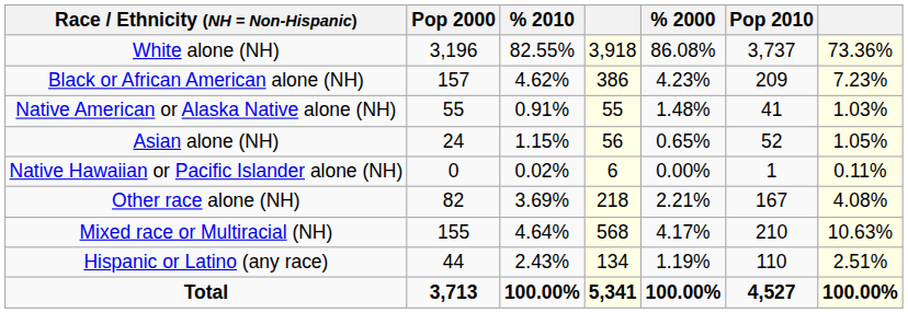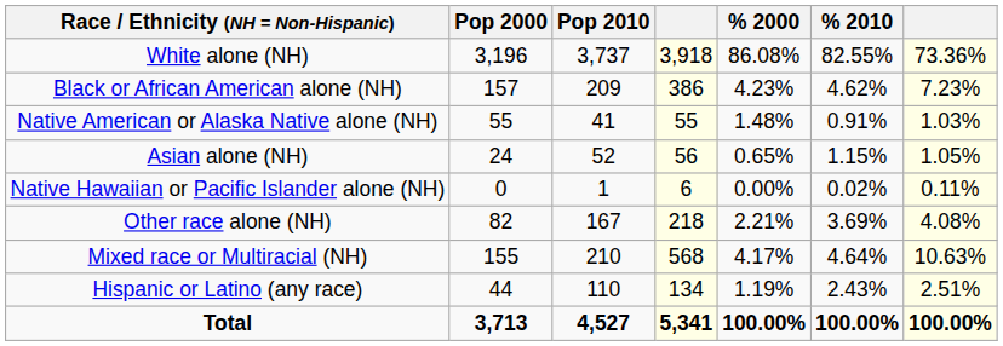 <table class="wikitable" style="text-align:center;">
 <tr>
 <th>Race / Ethnicity <small>(<em>NH = Non-Hispanic</em>)</small></th>
 <th>Pop 2000</th>
-<th>% 2010</th>
+<th>Pop 2010</th>
 <th></th>
 <th>% 2000</th>
-<th>Pop 2010</th>
+<th>% 2010</th>
 <th></th>
 </tr>
 <tr>
 <td><a href='#'>White</a> alone (NH)</td>
 <td>3,196</td>
-<td>82.55%</td>
+<td>3,737</td>
 <td style='background: #ffffe6;'>3,918</td>
 <td>86.08%</td>
-<td>3,737</td>
+<td>82.55%</td>
 <td style='background: #ffffe6;'>73.36%</td>
 </tr>
 <tr>
 <td><a href='#'>Black or African American</a> alone (NH)</td>
 <td>157</td>
-<td>4.62%</td>
+<td>209</td>
 <td style='background: #ffffe6;'>386</td>
 <td>4.23%</td>
-<td>209</td>
+<td>4.62%</td>
 <td style='background: #ffffe6;'>7.23%</td>
 </tr>
 <tr>
 <td><a href='#'>Native American</a> or <a href='#'>Alaska Native</a> alone (NH)</td>
 <td>55</td>
-<td>0.91%</td>
+<td>41</td>
 <td style='background: #ffffe6;'>55</td>
 <td>1.48%</td>
-<td>41</td>
+<td>0.91%</td>
 <td style='background: #ffffe6;'>1.03%</td>
 </tr>
 <tr>
 <td><a href='#'>Asian</a> alone (NH)</td>
 <td>24</td>
-<td>1.15%</td>
+<td>52</td>
 <td style='background: #ffffe6;'>56</td>
 <td>0.65%</td>
-<td>52</td>
+<td>1.15%</td>
 <td style='background: #ffffe6;'>1.05%</td>
 </tr>
 <tr>
 <td><a href='#'>Native Hawaiian</a> or <a href='#'>Pacific Islander</a> alone (NH)</td>
 <td>0</td>
-<td>0.02%</td>
+<td>1</td>
 <td style='background: #ffffe6;'>6</td>
 <td>0.00%</td>
-<td>1</td>
+<td>0.02%</td>
 <td style='background: #ffffe6;'>0.11%</td>
 </tr>
 <tr>
 <td><a href='#'>Other race</a> alone (NH)</td>
 <td>82</td>
-<td>3.69%</td>
+<td>167</td>
 <td style='background: #ffffe6;'>218</td>
 <td>2.21%</td>
-<td>167</td>
+<td>3.69%</td>
 <td style='background: #ffffe6;'>4.08%</td>
 </tr>
 <tr>
 <td><a href='#'>Mixed race or Multiracial</a> (NH)</td>
 <td>155</td>
-<td>4.64%</td>
+<td>210</td>
 <td style='background: #ffffe6;'>568</td>
 <td>4.17%</td>
-<td>210</td>
+<td>4.64%</td>
 <td style='background: #ffffe6;'>10.63%</td>
 </tr>
 <tr>
 <td><a href='#'>Hispanic or Latino</a> (any race)</td>
 <td>44</td>
-<td>2.43%</td>
+<td>110</td>
 <td style='background: #ffffe6;'>134</td>
 <td>1.19%</td>
-<td>110</td>
+<td>2.43%</td>
 <td style='background: #ffffe6;'>2.51%</td>
 </tr>
 <tr>
 <td><strong>Total</strong></td>
 <td><strong>3,713</strong></td>
-<td><strong>100.00%</strong></td>
+<td><strong>4,527</strong></td>
 <td style='background: #ffffe6;'><strong>5,341</strong></td>
 <td><strong>100.00%</strong></td>
-<td><strong>4,527</strong></td>
+<td><strong>100.00%</strong></td>
 <td style='background: #ffffe6;'><strong>100.00%</strong></td>
 </tr>
 </table>
